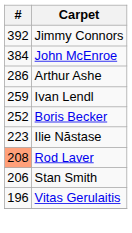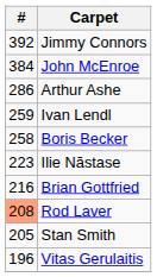 <table class="wikitable" style="display:inline-table;">
 <tr>
 <th width=20>#</th>
 <th>Carpet</th>
 </tr>
 <tr>
 <td>392</td>
 <td> Jimmy Connors</td>
 </tr>
 <tr>
 <td>384</td>
 <td> <a href='#'>John McEnroe</a></td>
 </tr>
 <tr>
 <td>286</td>
 <td> Arthur Ashe</td>
 </tr>
 <tr>
 <td>259</td>
 <td> Ivan Lendl</td>
 </tr>
 <tr>
-<td>252</td>
+<td>258</td>
 <td> <a href='#'>Boris Becker</a></td>
 </tr>
 <tr>
 <td>223</td>
 <td> Ilie Năstase</td>
 </tr>
 <tr>
+<td>216</td>
+<td> <a href='#'>Brian Gottfried</a></td>
+</tr>
+<tr>
 <td style="background: lightsalmon;">208</td>
 <td> <a href='#'>Rod Laver</a></td>
 </tr>
 <tr>
-<td>206</td>
+<td>205</td>
 <td> Stan Smith</td>
 </tr>
 <tr>
 <td>196</td>
 <td> <a href='#'>Vitas Gerulaitis</a></td>
 </tr>
 <tr>
 </tr>
 </table>
